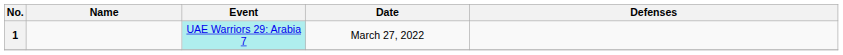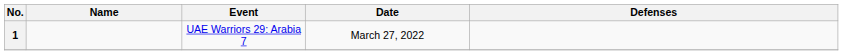 <table class="wikitable" width=100%>
 <tr>
 <th width=1%>No.</th>
 <th width=19%>Name</th>
 <th width=15%>Event</th>
 <th width=20%>Date</th>
 <th width=45%>Defenses</th>
 </tr>
 <tr>
 <th>1</th>
 <td align=left><br></td>
-<td align=center style="background: paleturquoise;"><a href='#'>UAE Warriors 29: Arabia 7</a> <br></td>
+<td align=center><a href='#'>UAE Warriors 29: Arabia 7</a> <br></td>
 <td align=center>March 27, 2022</td>
 <td></td>
 </tr>
 <tr>
 </tr>
 </table>
